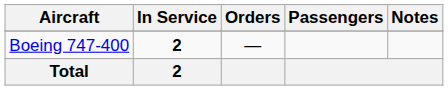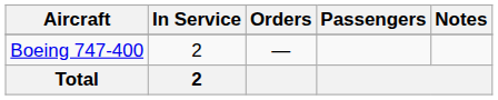 <table class="wikitable" style="margin:0.5em auto; text-align:center">
 <tr>
 <th>Aircraft</th>
 <th>In Service</th>
 <th>Orders</th>
 <th>Passengers</th>
 <th>Notes</th>
 </tr>
 <tr>
 </tr>
 <tr>
 <td><a href='#'>Boeing 747-400</a></td>
-<td align="center"><strong>2</strong></td>
+<td align="center">2</td>
 <td align="center">—</td>
 <td align="center"></td>
 <td></td>
 </tr>
 <tr>
 <th>Total</th>
 <th>2</th>
 <th></th>
 <th colspan="2"></th>
 </tr>
 </table>
